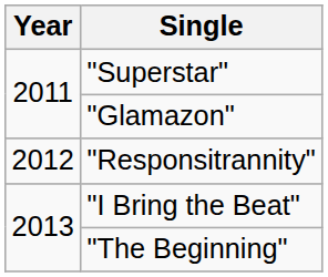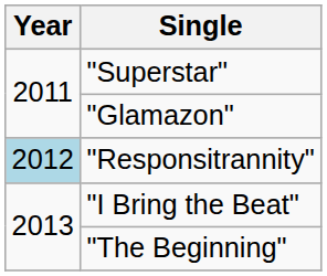 <table class="wikitable" style="text-align:center;">
 <tr>
 <th>Year</th>
 <th>Single</th>
 </tr>
 <tr>
 <td rowspan="2">2011</td>
 <td style="text-align:left;">"Superstar"</td>
 </tr>
 <tr>
 <td style="text-align:left;">"Glamazon"</td>
 </tr>
 <tr>
-<td>2012</td>
+<td style="background: lightblue;">2012</td>
 <td style="text-align:left;">"Responsitrannity"</td>
 </tr>
 <tr>
 <td rowspan="2">2013</td>
 <td style="text-align:left;">"I Bring the Beat"</td>
 </tr>
 <tr>
 <td style="text-align:left;">"The Beginning"</td>
 </tr>
 </table>
